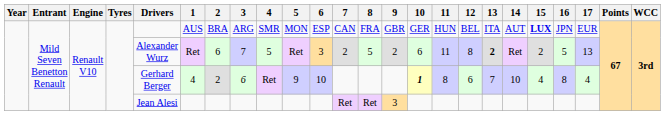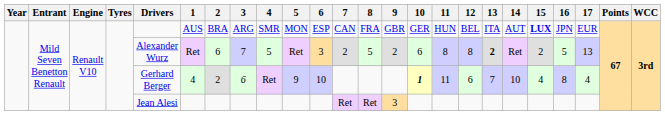 <table class="wikitable" style="text-align:center; font-size:95%">
 <tr>
 <th>Year</th>
 <th>Entrant</th>
 <th>Engine</th>
 <th>Tyres</th>
 <th>Drivers</th>
 <th>1</th>
 <th>2</th>
 <th>3</th>
 <th>4</th>
 <th>5</th>
 <th>6</th>
 <th>7</th>
 <th>8</th>
 <th>9</th>
 <th>10</th>
 <th>11</th>
 <th>12</th>
 <th>13</th>
 <th>14</th>
 <th>15</th>
 <th>16</th>
 <th>17</th>
 <th>Points</th>
 <th>WCC</th>
 </tr>
 <tr>
 <td rowspan="4"></td>
 <td rowspan="4"><a href='#'>Mild Seven</a> <a href='#'>Benetton</a> <a href='#'>Renault</a></td>
 <td rowspan="4"><a href='#'>Renault</a> <a href='#'>V10</a></td>
 <td rowspan="4"></td>
 <td></td>
 <td><a href='#'>AUS</a></td>
 <td><a href='#'>BRA</a></td>
 <td><a href='#'>ARG</a></td>
 <td><a href='#'>SMR</a></td>
 <td><a href='#'>MON</a></td>
 <td><a href='#'>ESP</a></td>
 <td><a href='#'>CAN</a></td>
 <td><a href='#'>FRA</a></td>
 <td><a href='#'>GBR</a></td>
 <td><a href='#'>GER</a></td>
 <td><a href='#'>HUN</a></td>
 <td><a href='#'>BEL</a></td>
 <td><a href='#'>ITA</a></td>
 <td><a href='#'>AUT</a></td>
 <td><strong><a href='#'>LUX</a></strong></td>
 <td><a href='#'>JPN</a></td>
 <td><a href='#'>EUR</a></td>
 <td style="background:#FFDF9F;" rowspan="4"><strong>67</strong></td>
 <td style="background:#FFDF9F;" rowspan="4"><strong>3rd</strong></td>
 </tr>
 <tr>
 <td><a href='#'>Alexander Wurz</a></td>
 <td style="background:#EFCFFF;">Ret</td>
 <td style="background:#DFFFDF;">6</td>
 <td style="background:#CFCFFF;">7</td>
 <td style="background:#DFFFDF;">5</td>
 <td style="background:#EFCFFF;">Ret</td>
 <td style="background:#FFDF9F;">3</td>
 <td style="background:#DFDFDF;">2</td>
 <td style="background:#DFFFDF;">5</td>
 <td style="background:#DFDFDF;">2</td>
 <td style="background:#DFFFDF;">6</td>
-<td style="background:#CFCFFF;">11</td>
+<td style="background:#CFCFFF;">8</td>
 <td style="background:#CFCFFF;">8</td>
 <td style="background:#DFDFDF;"><strong>2</strong></td>
 <td style="background:#EFCFFF;">Ret</td>
 <td style="background:#DFDFDF;">2</td>
 <td style="background:#DFFFDF;">5</td>
 <td style="background:#CFCFFF;">13</td>
 </tr>
 <tr>
 <td><a href='#'>Gerhard Berger</a></td>
 <td style="background:#DFFFDF;">4</td>
 <td style="background:#DFDFDF;">2</td>
 <td style="background:#DFFFDF;"><em>6</em></td>
 <td style="background:#EFCFFF;">Ret</td>
 <td style="background:#CFCFFF;">9</td>
 <td style="background:#CFCFFF;">10</td>
 <td></td>
 <td></td>
 <td></td>
 <td style="background:#FFFFBF;"><strong><em>1</em></strong></td>
-<td style="background:#CFCFFF;">8</td>
+<td style="background:#CFCFFF;">11</td>
 <td style="background:#DFFFDF;">6</td>
 <td style="background:#CFCFFF;">7</td>
 <td style="background:#CFCFFF;">10</td>
 <td style="background:#DFFFDF;">4</td>
 <td style="background:#CFCFFF;">8</td>
 <td style="background:#DFFFDF;">4</td>
 </tr>
 <tr>
 <td><a href='#'>Jean Alesi</a></td>
 <td></td>
 <td></td>
 <td></td>
 <td></td>
 <td></td>
 <td></td>
 <td style="background:#EFCFFF;">Ret</td>
 <td style="background:#EFCFFF;">Ret</td>
 <td style="background:#FFDF9F;">3</td>
 <td></td>
 <td></td>
 <td></td>
 <td></td>
 <td></td>
 <td></td>
 <td></td>
 <td></td>
 </tr>
 </table>
